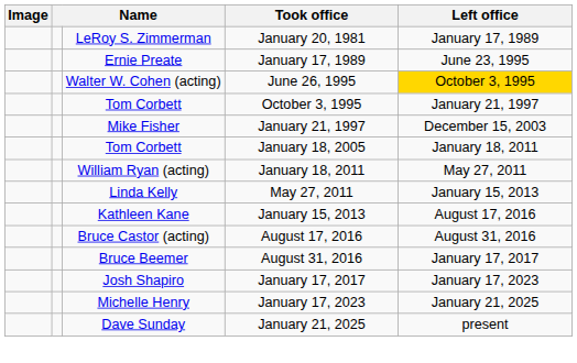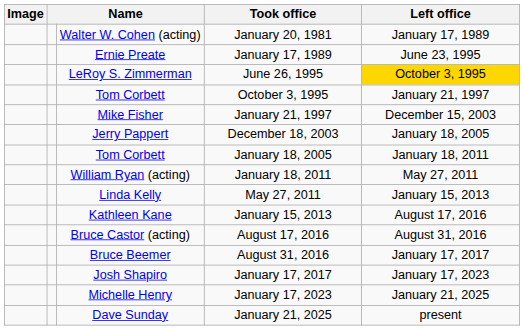 <table class="wikitable" style="text-align:center">
 <tr>
 <th style="width: 2em;">Image</th>
 <th colspan=2 style="width: 12em;">Name</th>
 <th style="width: 12em;">Took office</th>
 <th style="width: 12em;">Left office</th>
 </tr>
 <tr>
 <td></td>
 <td style="background: "> </td>
-<td><a href='#'>LeRoy S. Zimmerman</a></td>
+<td><a href='#'>Walter W. Cohen</a> (acting)</td>
 <td>January 20, 1981</td>
 <td>January 17, 1989</td>
 </tr>
 <tr>
 <td></td>
 <td style="background: "> </td>
 <td><a href='#'>Ernie Preate</a></td>
 <td>January 17, 1989</td>
 <td>June 23, 1995</td>
 </tr>
 <tr>
 <td></td>
 <td style="background: "> </td>
-<td><a href='#'>Walter W. Cohen</a> (acting)</td>
+<td><a href='#'>LeRoy S. Zimmerman</a></td>
 <td>June 26, 1995</td>
 <td style="background: gold;">October 3, 1995</td>
 </tr>
 <tr>
 <td></td>
 <td style="background: "> </td>
 <td><a href='#'>Tom Corbett</a></td>
 <td>October 3, 1995</td>
 <td>January 21, 1997</td>
 </tr>
 <tr>
 <td></td>
 <td style="background: "> </td>
 <td><a href='#'>Mike Fisher</a></td>
 <td>January 21, 1997</td>
 <td>December 15, 2003</td>
+</tr>
+<tr>
+<td></td>
+<td style="background: "> </td>
+<td><a href='#'>Jerry Pappert</a></td>
+<td>December 18, 2003</td>
+<td>January 18, 2005</td>
 </tr>
 <tr>
 <td></td>
 <td style="background: "> </td>
 <td><a href='#'>Tom Corbett</a></td>
 <td>January 18, 2005</td>
 <td>January 18, 2011</td>
 </tr>
 <tr>
 <td></td>
 <td style="background: "> </td>
 <td><a href='#'>William Ryan</a> (acting)</td>
 <td>January 18, 2011</td>
 <td>May 27, 2011</td>
 </tr>
 <tr>
 <td></td>
 <td style="background: "> </td>
 <td><a href='#'>Linda Kelly</a></td>
 <td>May 27, 2011</td>
 <td>January 15, 2013</td>
 </tr>
 <tr>
 <td></td>
 <td style="background: "> </td>
 <td><a href='#'>Kathleen Kane</a></td>
 <td>January 15, 2013</td>
 <td>August 17, 2016</td>
 </tr>
 <tr>
 <td></td>
 <td style="background: "> </td>
 <td><a href='#'>Bruce Castor</a> (acting)</td>
 <td>August 17, 2016</td>
 <td>August 31, 2016</td>
 </tr>
 <tr>
 <td></td>
 <td style="background: "> </td>
 <td><a href='#'>Bruce Beemer</a></td>
 <td>August 31, 2016</td>
 <td>January 17, 2017</td>
 </tr>
 <tr>
 <td></td>
 <td style="background: "> </td>
 <td><a href='#'>Josh Shapiro</a></td>
 <td>January 17, 2017</td>
 <td>January 17, 2023</td>
 </tr>
 <tr>
 <td></td>
 <td style="background: "> </td>
 <td><a href='#'>Michelle Henry</a></td>
 <td>January 17, 2023<br></td>
 <td>January 21, 2025</td>
 </tr>
 <tr>
 <td></td>
 <td style="background: "> </td>
 <td><a href='#'>Dave Sunday</a></td>
 <td>January 21, 2025</td>
 <td>present</td>
 </tr>
 </table>
